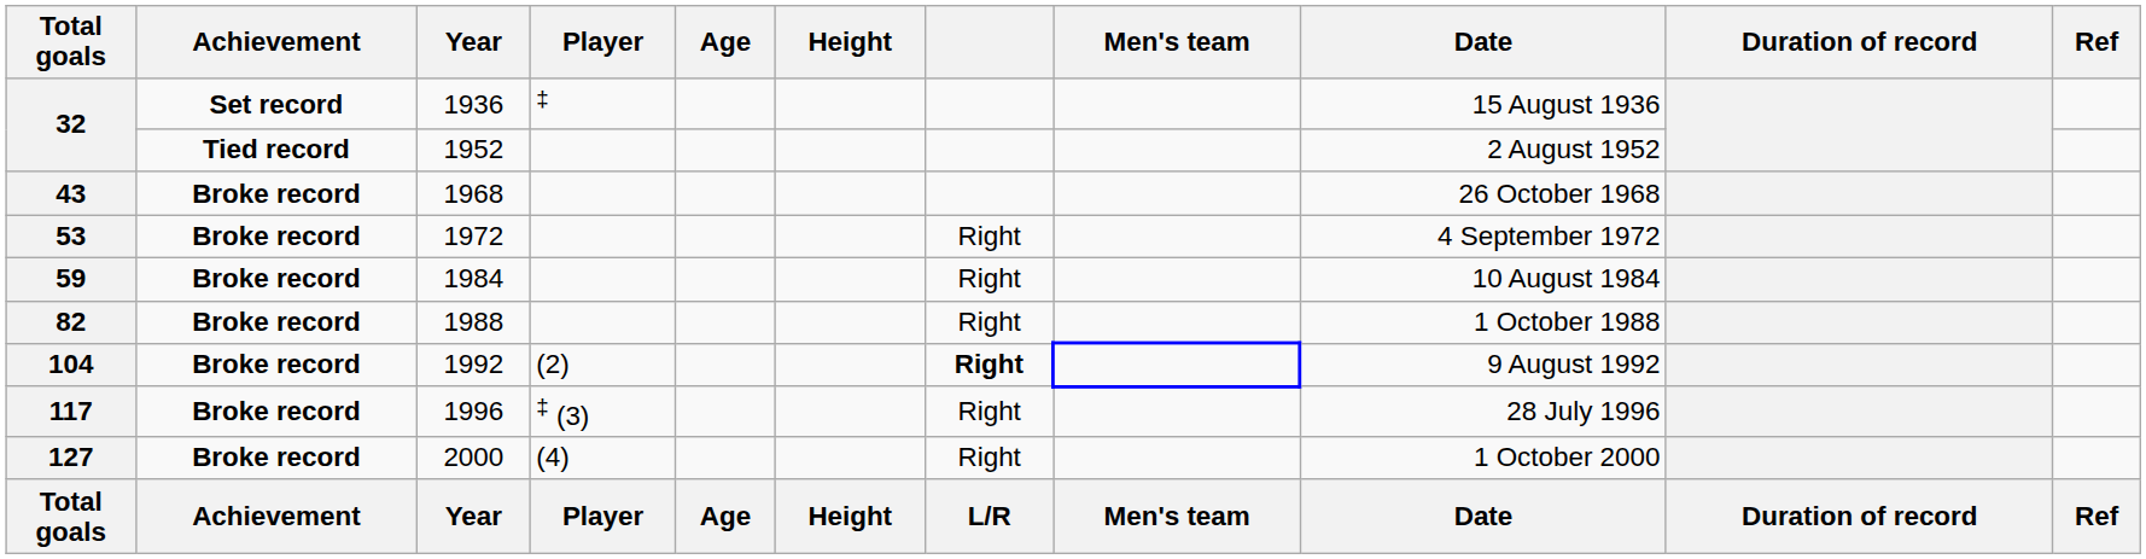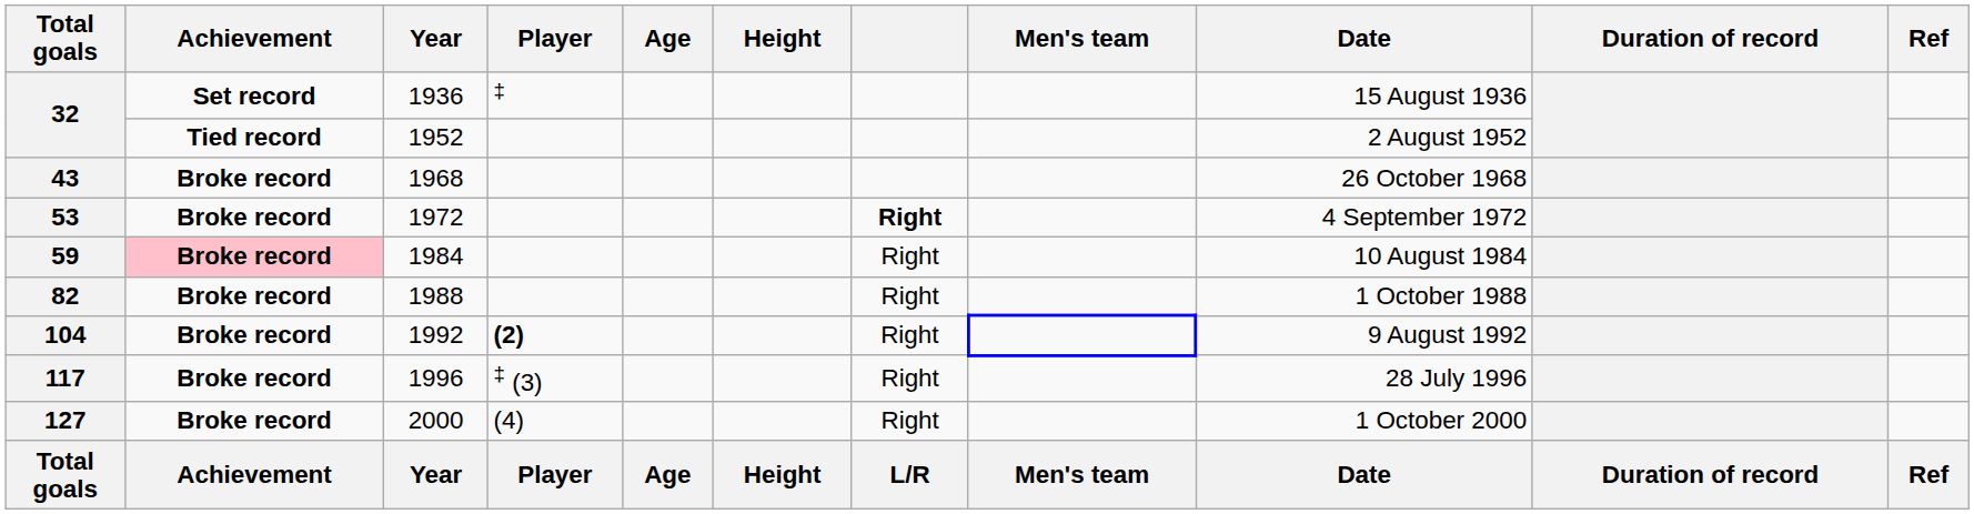 <table class="wikitable sticky-header mw-datatable" style="text-align: center; font-size: 100%; margin-left: 1em; width: 100%;">
 <tr>
 <th scope="col">Total<br>goals</th>
 <th scope="col">Achievement</th>
 <th scope="col">Year</th>
 <th scope="col">Player</th>
 <th scope="col">Age</th>
 <th scope="col">Height</th>
 <th scope="col"></th>
 <th scope="col">Men's team</th>
 <th scope="col">Date</th>
 <th scope="col">Duration of record</th>
 <th scope="col">Ref</th>
 </tr>
 <tr>
 <td rowspan="2" style="background-color: #f2f2f2;"><strong>32</strong></td>
 <td><strong>Set record</strong></td>
 <td>1936</td>
 <td style="text-align: left;"><strong></strong><sup>‡</sup></td>
 <td></td>
 <td></td>
 <td></td>
 <td style="text-align: left;"></td>
 <td style="text-align: right;">15 August 1936</td>
 <td rowspan="2" style="background-color: #f2f2f2; text-align: left;"></td>
 <td></td>
 </tr>
 <tr>
 <td><strong>Tied record</strong></td>
 <td>1952</td>
 <td style="text-align: left;"></td>
 <td></td>
 <td></td>
 <td></td>
 <td style="text-align: left;"></td>
 <td style="text-align: right;">2 August 1952</td>
 <td></td>
 </tr>
 <tr>
 <td style="background-color: #f2f2f2;"><strong>43</strong></td>
 <td><strong>Broke record</strong></td>
 <td>1968</td>
 <td style="text-align: left;"></td>
 <td></td>
 <td></td>
 <td></td>
 <td style="text-align: left;"></td>
 <td style="text-align: right;">26 October 1968</td>
 <td style="background-color: #f2f2f2; text-align: left;"></td>
 <td></td>
 </tr>
 <tr>
 <td style="background-color: #f2f2f2;"><strong>53</strong></td>
 <td><strong>Broke record</strong></td>
 <td>1972</td>
 <td style="text-align: left;"></td>
 <td></td>
 <td></td>
-<td>Right</td>
+<td><strong>Right</strong></td>
 <td style="text-align: left;"></td>
 <td style="text-align: right;">4 September 1972</td>
 <td style="background-color: #f2f2f2; text-align: left;"></td>
 <td></td>
 </tr>
 <tr>
 <td style="background-color: #f2f2f2;"><strong>59</strong></td>
-<td><strong>Broke record</strong></td>
+<td style="background: pink;"><strong>Broke record</strong></td>
 <td>1984</td>
 <td style="text-align: left;"></td>
 <td></td>
 <td></td>
 <td>Right</td>
 <td style="text-align: left;"></td>
 <td style="text-align: right;">10 August 1984</td>
 <td style="background-color: #f2f2f2; text-align: left;"></td>
 <td></td>
 </tr>
 <tr>
 <td style="background-color: #f2f2f2;"><strong>82</strong></td>
 <td><strong>Broke record</strong></td>
 <td>1988</td>
 <td style="text-align: left;"></td>
 <td></td>
 <td></td>
 <td>Right</td>
 <td style="text-align: left;"></td>
 <td style="text-align: right;">1 October 1988</td>
 <td style="background-color: #f2f2f2; text-align: left;"></td>
 <td></td>
 </tr>
 <tr>
 <td style="background-color: #f2f2f2;"><strong>104</strong></td>
 <td><strong>Broke record</strong></td>
 <td>1992</td>
-<td style="text-align: left;"> (2)</td>
+<td style="text-align: left;"><strong> (2)</strong></td>
 <td></td>
 <td></td>
-<td><strong>Right</strong></td>
+<td>Right</td>
 <td style="border: 2px solid blue; text-align: left;"></td>
 <td style="text-align: right;">9 August 1992</td>
 <td style="background-color: #f2f2f2; text-align: left;"></td>
 <td></td>
 </tr>
 <tr>
 <td style="background-color: #f2f2f2;"><strong>117</strong></td>
 <td><strong>Broke record</strong></td>
 <td>1996</td>
 <td style="text-align: left;"><strong></strong><sup>‡</sup> (3)</td>
 <td></td>
 <td></td>
 <td>Right</td>
 <td style="text-align: left;"></td>
 <td style="text-align: right;">28 July 1996</td>
 <td style="background-color: #f2f2f2; text-align: left;"></td>
 <td></td>
 </tr>
 <tr>
 <td style="background-color: #f2f2f2;"><strong>127</strong></td>
 <td><strong>Broke record</strong></td>
 <td>2000</td>
 <td style="text-align: left;"> (4)</td>
 <td></td>
 <td></td>
 <td>Right</td>
 <td style="text-align: left;"></td>
 <td style="text-align: right;">1 October 2000</td>
 <td style="background-color: #f2f2f2; text-align: left;"></td>
 <td></td>
 </tr>
 <tr class="sortbottom">
 <th>Total<br>goals</th>
 <th>Achievement</th>
 <th>Year</th>
 <th>Player</th>
 <th>Age</th>
 <th>Height</th>
 <th>L/R</th>
 <th>Men's team</th>
 <th>Date</th>
 <th>Duration of record</th>
 <th>Ref</th>
 </tr>
 </table>
